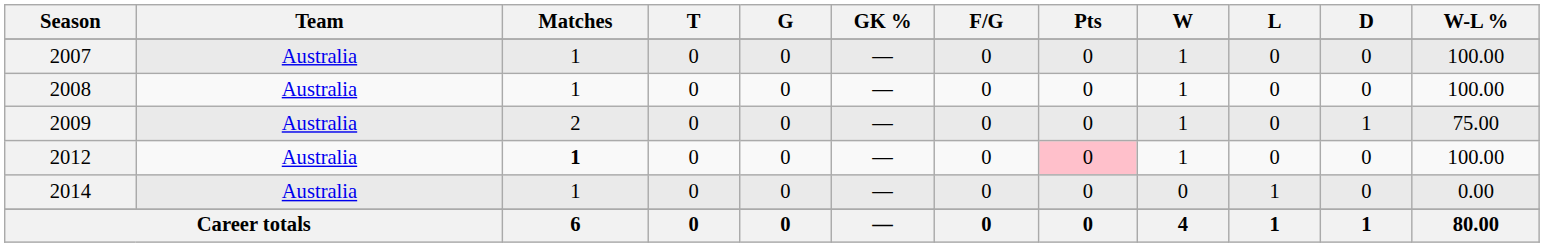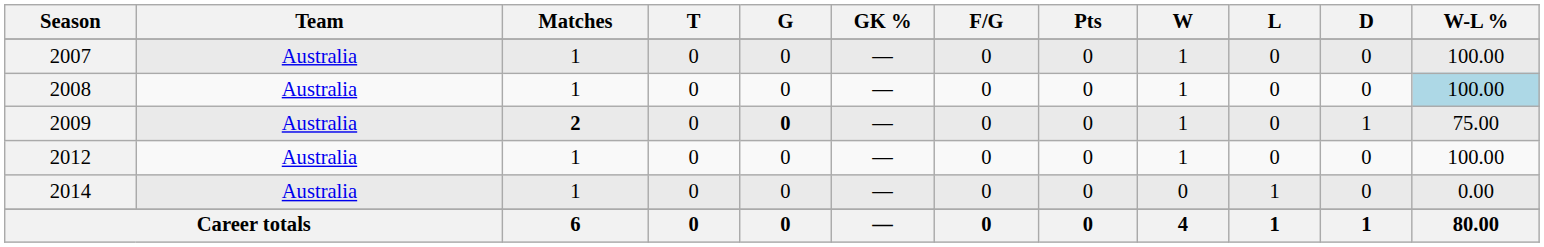 <table class="wikitable sortable"  style="font-size:90%; text-align:center; width:85%;">
 <tr>
 <th width=2%>Season</th>
 <th width=8%>Team</th>
 <th width=2%>Matches</th>
 <th width=2%>T</th>
 <th width=2%>G</th>
 <th width=2%>GK %</th>
 <th width=2%>F/G</th>
 <th width=2%>Pts</th>
 <th width=2%>W</th>
 <th width=2%>L</th>
 <th width=2%>D</th>
 <th width=2%>W-L %</th>
 </tr>
 <tr>
 </tr>
 <tr style="background-color: #EAEAEA">
 <th scope="row" style="text-align:center; font-weight:normal">2007</th>
 <td style="text-align:center;"><a href='#'>Australia</a></td>
 <td>1</td>
 <td>0</td>
 <td>0</td>
 <td>—</td>
 <td>0</td>
 <td>0</td>
 <td>1</td>
 <td>0</td>
 <td>0</td>
 <td>100.00</td>
 </tr>
 <tr>
 <th scope="row" style="text-align:center; font-weight:normal">2008</th>
 <td style="text-align:center;"><a href='#'>Australia</a></td>
 <td>1</td>
 <td>0</td>
 <td>0</td>
 <td>—</td>
 <td>0</td>
 <td>0</td>
 <td>1</td>
 <td>0</td>
 <td>0</td>
-<td>100.00</td>
+<td style="background: lightblue;">100.00</td>
 </tr>
 <tr style="background-color: #EAEAEA">
 <th scope="row" style="text-align:center; font-weight:normal">2009</th>
 <td style="text-align:center;"><a href='#'>Australia</a></td>
-<td>2</td>
+<td><strong>2</strong></td>
 <td>0</td>
-<td>0</td>
+<td><strong>0</strong></td>
 <td>—</td>
 <td>0</td>
 <td>0</td>
 <td>1</td>
 <td>0</td>
 <td>1</td>
 <td>75.00</td>
 </tr>
 <tr>
 <th scope="row" style="text-align:center; font-weight:normal">2012</th>
 <td style="text-align:center;"><a href='#'>Australia</a></td>
-<td><strong>1</strong></td>
+<td>1</td>
 <td>0</td>
 <td>0</td>
 <td>—</td>
 <td>0</td>
-<td style="background: pink;">0</td>
+<td>0</td>
 <td>1</td>
 <td>0</td>
 <td>0</td>
 <td>100.00</td>
 </tr>
 <tr style="background-color: #EAEAEA">
 <th scope="row" style="text-align:center; font-weight:normal">2014</th>
 <td style="text-align:center;"><a href='#'>Australia</a></td>
 <td>1</td>
 <td>0</td>
 <td>0</td>
 <td>—</td>
 <td>0</td>
 <td>0</td>
 <td>0</td>
 <td>1</td>
 <td>0</td>
 <td>0.00</td>
 </tr>
 <tr>
 </tr>
 <tr class="sortbottom">
 <th colspan=2>Career totals</th>
 <th>6</th>
 <th>0</th>
 <th>0</th>
 <th>—</th>
 <th>0</th>
 <th>0</th>
 <th>4</th>
 <th>1</th>
 <th>1</th>
 <th>80.00</th>
 </tr>
 </table>
